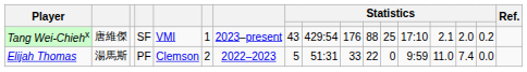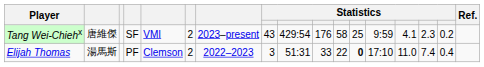 <table class="wikitable sortable" style="font-size:95%; text-align:right;">
 <tr>
 <th rowspan="2">Player</th>
 <th rowspan="2"></th>
 <th rowspan="2"></th>
 <th rowspan="2"></th>
 <th rowspan="2"></th>
 <th rowspan="2"></th>
 <th rowspan="2"></th>
 <th colspan="9">Statistics</th>
 <th rowspan="2">Ref.</th>
 </tr>
 <tr>
 <th></th>
 <th></th>
 <th></th>
 <th></th>
 <th></th>
 <th></th>
 <th></th>
 <th></th>
 <th></th>
 </tr>
 <tr>
 <td align="left" bgcolor="#CCFFCC"><em>Tang Wei-Chieh</em><sup>x</sup></td>
 <td align="left">唐維傑</td>
 <td align="center"></td>
 <td align="center">SF</td>
 <td align="left"><a href='#'>VMI</a></td>
-<td align="center">1</td>
+<td align="center">2</td>
 <td align="center"><a href='#'>2023</a>–<a href='#'>present</a></td>
 <td>43</td>
 <td>429:54</td>
 <td>176</td>
-<td>88</td>
+<td>58</td>
 <td>25</td>
-<td>17:10</td>
-<td>2.1</td>
-<td>2.0</td>
+<td>9:59</td>
+<td>4.1</td>
+<td>2.3</td>
 <td>0.2</td>
 <td align="center"></td>
 </tr>
 <tr>
 <td align="left"><em><a href='#'>Elijah Thomas</a></em></td>
 <td align="left">湯馬斯</td>
 <td align="center"></td>
 <td align="center">PF</td>
 <td align="left"><a href='#'>Clemson</a></td>
 <td align="center">2</td>
 <td align="center"><a href='#'>2022–2023</a></td>
-<td>5</td>
+<td>3</td>
 <td>51:31</td>
 <td>33</td>
 <td>22</td>
-<td>0</td>
-<td>9:59</td>
+<td><strong>0</strong></td>
+<td>17:10</td>
 <td>11.0</td>
 <td>7.4</td>
-<td>0.0</td>
+<td>0.4</td>
 <td align="center"></td>
 </tr>
 </table>
